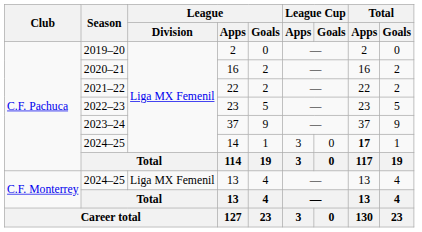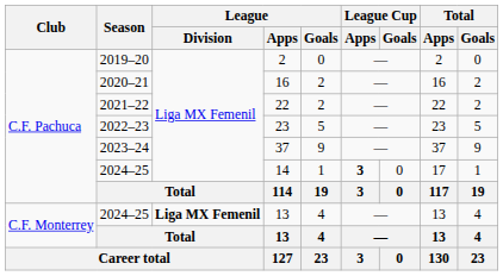 <table class="wikitable">
 <tr>
 <th rowspan="2">Club</th>
 <th rowspan="2">Season</th>
 <th colspan="3">League</th>
 <th colspan="2">League Cup </th>
 <th colspan="2">Total</th>
 </tr>
 <tr>
 <th>Division</th>
 <th>Apps</th>
 <th>Goals</th>
 <th>Apps</th>
 <th>Goals</th>
 <th>Apps</th>
 <th>Goals</th>
 </tr>
 <tr>
 <td rowspan="7"><a href='#'>C.F. Pachuca</a></td>
 <td>2019–20</td>
 <td rowspan="6"><a href='#'>Liga MX Femenil</a></td>
 <td align="center">2</td>
 <td align="center">0</td>
 <td colspan="2" align="center">—</td>
 <td align="center">2</td>
 <td align="center">0</td>
 </tr>
 <tr>
 <td>2020–21</td>
 <td align="center">16</td>
 <td align="center">2</td>
 <td colspan="2" align="center">—</td>
 <td align="center">16</td>
 <td align="center">2</td>
 </tr>
 <tr>
 <td>2021–22</td>
 <td align="center">22</td>
 <td align="center">2</td>
 <td colspan="2" align="center">—</td>
 <td align="center">22</td>
 <td align="center">2</td>
 </tr>
 <tr>
 <td>2022–23</td>
 <td align="center">23</td>
 <td align="center">5</td>
 <td colspan="2" align="center">—</td>
 <td align="center">23</td>
 <td align="center">5</td>
 </tr>
 <tr>
 <td>2023–24</td>
 <td align="center">37</td>
 <td align="center">9</td>
 <td align="center" colspan="2">—</td>
 <td align="center">37</td>
 <td align="center">9</td>
 </tr>
 <tr>
 <td>2024–25</td>
 <td align="center">14</td>
 <td align="center">1</td>
-<td align="center">3</td>
+<td align="center"><strong>3</strong></td>
 <td align="center">0</td>
-<td align="center"><strong>17</strong></td>
+<td align="center">17</td>
 <td align="center">1</td>
 </tr>
 <tr>
 <th colspan="2" align="center">Total</th>
 <th>114</th>
 <th>19</th>
 <th>3</th>
 <th>0</th>
 <th>117</th>
 <th>19</th>
 </tr>
 <tr>
 <td rowspan="2"><a href='#'>C.F. Monterrey</a></td>
 <td>2024–25</td>
-<td>Liga MX Femenil</td>
+<td><strong>Liga MX Femenil</strong></td>
 <td align="center">13</td>
 <td align="center">4</td>
 <td align="center" colspan="2">—</td>
 <td align="center">13</td>
 <td align="center">4</td>
 </tr>
 <tr>
 <th colspan="2">Total</th>
 <th>13</th>
 <th>4</th>
 <th colspan="2">—</th>
 <th>13</th>
 <th>4</th>
 </tr>
 <tr>
 <th colspan="3">Career total</th>
 <th>127</th>
 <th>23</th>
 <th>3</th>
 <th>0</th>
 <th>130</th>
 <th>23</th>
 </tr>
 </table>
